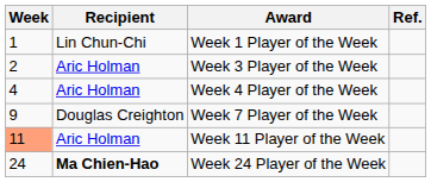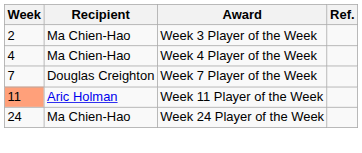 <table class="wikitable">
 <tr>
 <th>Week</th>
 <th>Recipient</th>
 <th>Award</th>
 <th>Ref.</th>
 </tr>
 <tr>
-<td>1</td>
-<td>Lin Chun-Chi</td>
-<td>Week 1 Player of the Week</td>
-<td></td>
-</tr>
-<tr>
 <td>2</td>
-<td><a href='#'>Aric Holman</a></td>
+<td>Ma Chien-Hao</td>
 <td>Week 3 Player of the Week</td>
 <td></td>
 </tr>
 <tr>
 <td>4</td>
-<td><a href='#'>Aric Holman</a></td>
+<td>Ma Chien-Hao</td>
 <td>Week 4 Player of the Week</td>
 <td></td>
 </tr>
 <tr>
-<td>9</td>
+<td>7</td>
 <td>Douglas Creighton</td>
 <td>Week 7 Player of the Week</td>
 <td></td>
 </tr>
 <tr>
 <td style="background: lightsalmon;">11</td>
 <td><a href='#'>Aric Holman</a></td>
 <td>Week 11 Player of the Week</td>
 <td></td>
 </tr>
 <tr>
 <td>24</td>
-<td><strong>Ma Chien-Hao</strong></td>
+<td>Ma Chien-Hao</td>
 <td>Week 24 Player of the Week</td>
 <td></td>
 </tr>
 </table>
